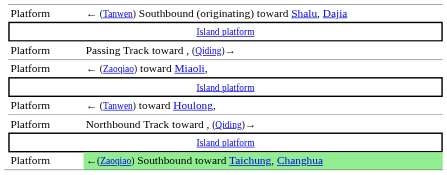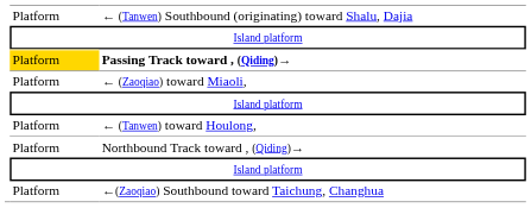 <table border=0 cellspacing=0 cellpadding=3>
 <tr>
 <td style="border-bottom:solid 1px gray;" rowspan=13 valign=top></td>
 <td style="border-top:solid 1px grey;" width=100>Platform </td>
 <td style="border-top:solid 1px grey;" width=500>← <small>(<a href='#'>Tanwen</a>)</small> <a href='#'></a> Southbound (originating) toward <a href='#'>Shalu</a>, <a href='#'>Dajia</a></td>
 </tr>
 <tr>
 <td style="border-top:solid 2px black;border-right:solid 2px black;border-left:solid 2px black;border-bottom:solid 2px black;text-align:center;" colspan=2><small><a href='#'>Island platform</a></small></td>
 </tr>
 <tr>
-<td style="border-top:solid 1px white;" width=100>Platform </td>
-<td style="border-top:solid 1px white;" width=500>Passing Track toward ,  <small>(<a href='#'>Qiding</a>)</small>→</td>
+<td style="background: gold; border-top:solid 1px white;" width=100>Platform </td>
+<td style="border-top:solid 1px white;" width=500><strong>Passing Track toward ,  <small>(<a href='#'>Qiding</a>)</small>→</strong></td>
 </tr>
 <tr>
 <td style="border-top:solid 1px gray;">Platform </td>
 <td style="border-top:solid 1px gray;">← <small>(<a href='#'>Zaoqiao</a>)</small> <a href='#'></a> toward <a href='#'>Miaoli</a>, </td>
 </tr>
 <tr>
 <td style="border-top:solid 2px black;border-right:solid 2px black;border-left:solid 2px black;border-bottom:solid 2px black;text-align:center;" colspan=2><small><a href='#'>Island platform</a></small></td>
 </tr>
 <tr>
 <td style="border-bottom:solid 1px grey;">Platform </td>
 <td style="border-bottom:solid 1px grey;">← <small>(<a href='#'>Tanwen</a>)</small> <a href='#'></a> toward <a href='#'>Houlong</a>, </td>
 </tr>
 <tr>
 <td style="border-top:solid 1px white;" width=100>Platform </td>
 <td style="border-top:solid 1px white;" width=500>Northbound Track toward ,  <small>(<a href='#'>Qiding</a>)</small>→</td>
 </tr>
 <tr>
 <td style="border-top:solid 2px black;border-right:solid 2px black;border-left:solid 2px black;border-bottom:solid 2px black;text-align:center;" colspan=2><small><a href='#'>Island platform</a></small></td>
 </tr>
 <tr>
 <td style="border-bottom:solid 1px grey;" width=100>Platform </td>
-<td style="background: lightgreen; border-bottom:solid 1px grey;" width=500>←<small>(<a href='#'>Zaoqiao</a>)</small> <a href='#'></a> Southbound toward <a href='#'>Taichung</a>, <a href='#'>Changhua</a></td>
+<td style="border-bottom:solid 1px grey;" width=500>←<small>(<a href='#'>Zaoqiao</a>)</small> <a href='#'></a> Southbound toward <a href='#'>Taichung</a>, <a href='#'>Changhua</a></td>
 </tr>
 </table>
